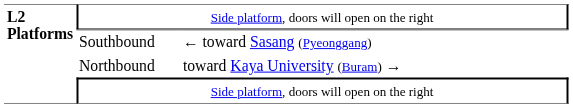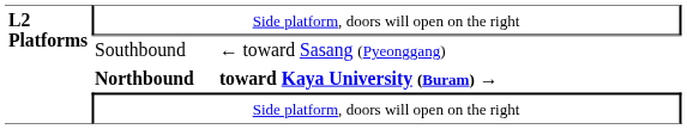 <table table border=0 cellspacing=0 cellpadding=3>
 <tr>
 <td style="border-top:solid 1px gray;border-bottom:solid 1px gray;" width=50 rowspan=10 valign=top><strong>L2<br>Platforms</strong></td>
 <td style="border-top:solid 1px gray;border-right:solid 2px black;border-left:solid 2px black;border-bottom:solid 1px black;text-align:center;" colspan=2><small><a href='#'>Side platform</a>, doors will open on the right</small></td>
 </tr>
 <tr>
 <td style="border-bottom:solid 0px gray;border-top:solid 1px gray;" width=100>Southbound</td>
 <td style="border-bottom:solid 0px gray;border-top:solid 1px gray;" width=390>←  toward <a href='#'>Sasang</a> <small>(<a href='#'>Pyeonggang</a>)</small></td>
 </tr>
 <tr>
-<td>Northbound</td>
-<td>  toward <a href='#'>Kaya University</a> <small>(<a href='#'>Buram</a>)</small> →</td>
+<td><strong>Northbound</strong></td>
+<td><strong>  toward <a href='#'>Kaya University</a> <small>(<a href='#'>Buram</a>)</small> →</strong></td>
 </tr>
 <tr>
 <td style="border-top:solid 2px black;border-right:solid 2px black;border-left:solid 2px black;border-bottom:solid 1px gray;text-align:center;" colspan=2><small><a href='#'>Side platform</a>, doors will open on the right</small></td>
 </tr>
 </table>
